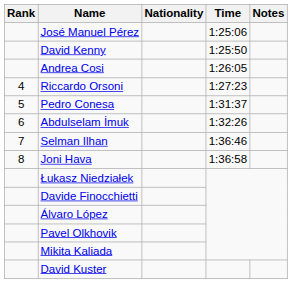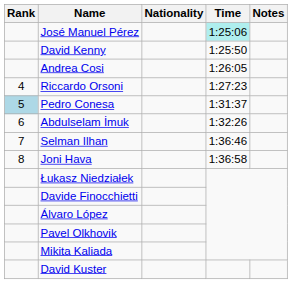 <table class="wikitable sortable" style="text-align:center">
 <tr>
 <th>Rank</th>
 <th>Name</th>
 <th>Nationality</th>
 <th>Time</th>
 <th>Notes</th>
 </tr>
 <tr>
 <td></td>
 <td align=left><a href='#'>José Manuel Pérez</a></td>
 <td align=left></td>
-<td>1:25:06</td>
+<td style="background: paleturquoise;">1:25:06</td>
 <td></td>
 </tr>
 <tr>
 <td></td>
 <td align=left><a href='#'>David Kenny</a></td>
 <td align=left></td>
 <td>1:25:50</td>
 <td></td>
 </tr>
 <tr>
 <td></td>
 <td align=left><a href='#'>Andrea Cosi</a></td>
 <td align=left></td>
 <td>1:26:05</td>
 <td></td>
 </tr>
 <tr>
 <td>4</td>
 <td align=left><a href='#'>Riccardo Orsoni</a></td>
 <td align=left></td>
 <td>1:27:23</td>
 <td></td>
 </tr>
 <tr>
-<td>5</td>
+<td style="background: lightblue;">5</td>
 <td align=left><a href='#'>Pedro Conesa</a></td>
 <td align=left></td>
 <td>1:31:37</td>
 <td></td>
 </tr>
 <tr>
 <td>6</td>
 <td align=left><a href='#'>Abdulselam İmuk</a></td>
 <td align=left></td>
 <td>1:32:26</td>
 <td></td>
 </tr>
 <tr>
 <td>7</td>
 <td align=left><a href='#'>Selman Ilhan</a></td>
 <td align=left></td>
 <td>1:36:46</td>
 <td></td>
 </tr>
 <tr>
 <td>8</td>
 <td align=left><a href='#'>Joni Hava</a></td>
 <td align=left></td>
 <td>1:36:58</td>
 <td></td>
 </tr>
 <tr>
 <td></td>
 <td align=left><a href='#'>Łukasz Niedziałek</a></td>
 <td align=left></td>
 <td colspan=2 rowspan=5></td>
 </tr>
 <tr>
 <td></td>
 <td align=left><a href='#'>Davide Finocchietti</a></td>
 <td align=left></td>
 </tr>
 <tr>
 <td></td>
 <td align=left><a href='#'>Álvaro López</a></td>
 <td align=left></td>
 </tr>
 <tr>
 <td></td>
 <td align=left><a href='#'>Pavel Olkhovik</a></td>
 <td align=left></td>
 </tr>
 <tr>
 <td></td>
 <td align=left><a href='#'>Mikita Kaliada</a></td>
 <td align=left></td>
 </tr>
 <tr>
 <td></td>
 <td align=left><a href='#'>David Kuster</a></td>
 <td align=left></td>
 <td></td>
 <td></td>
 </tr>
 </table>
